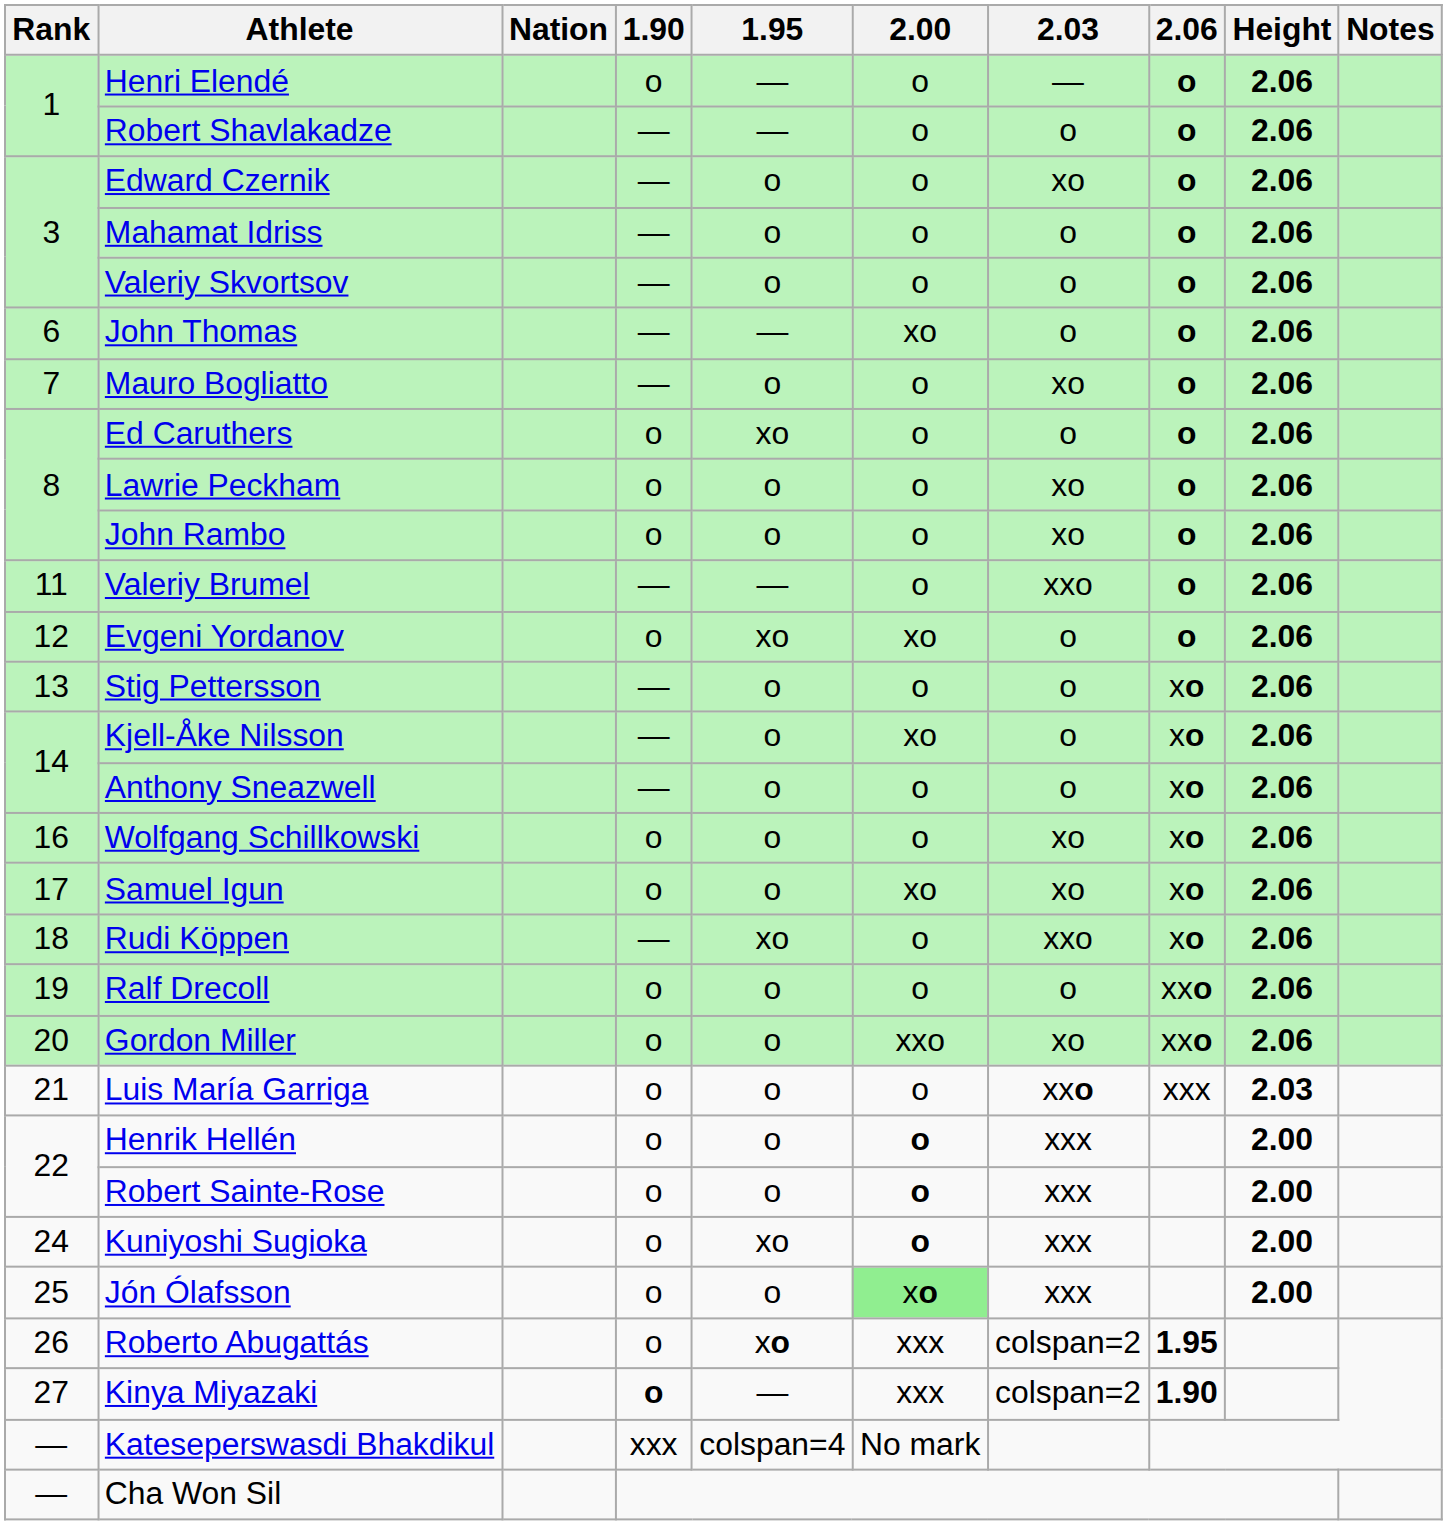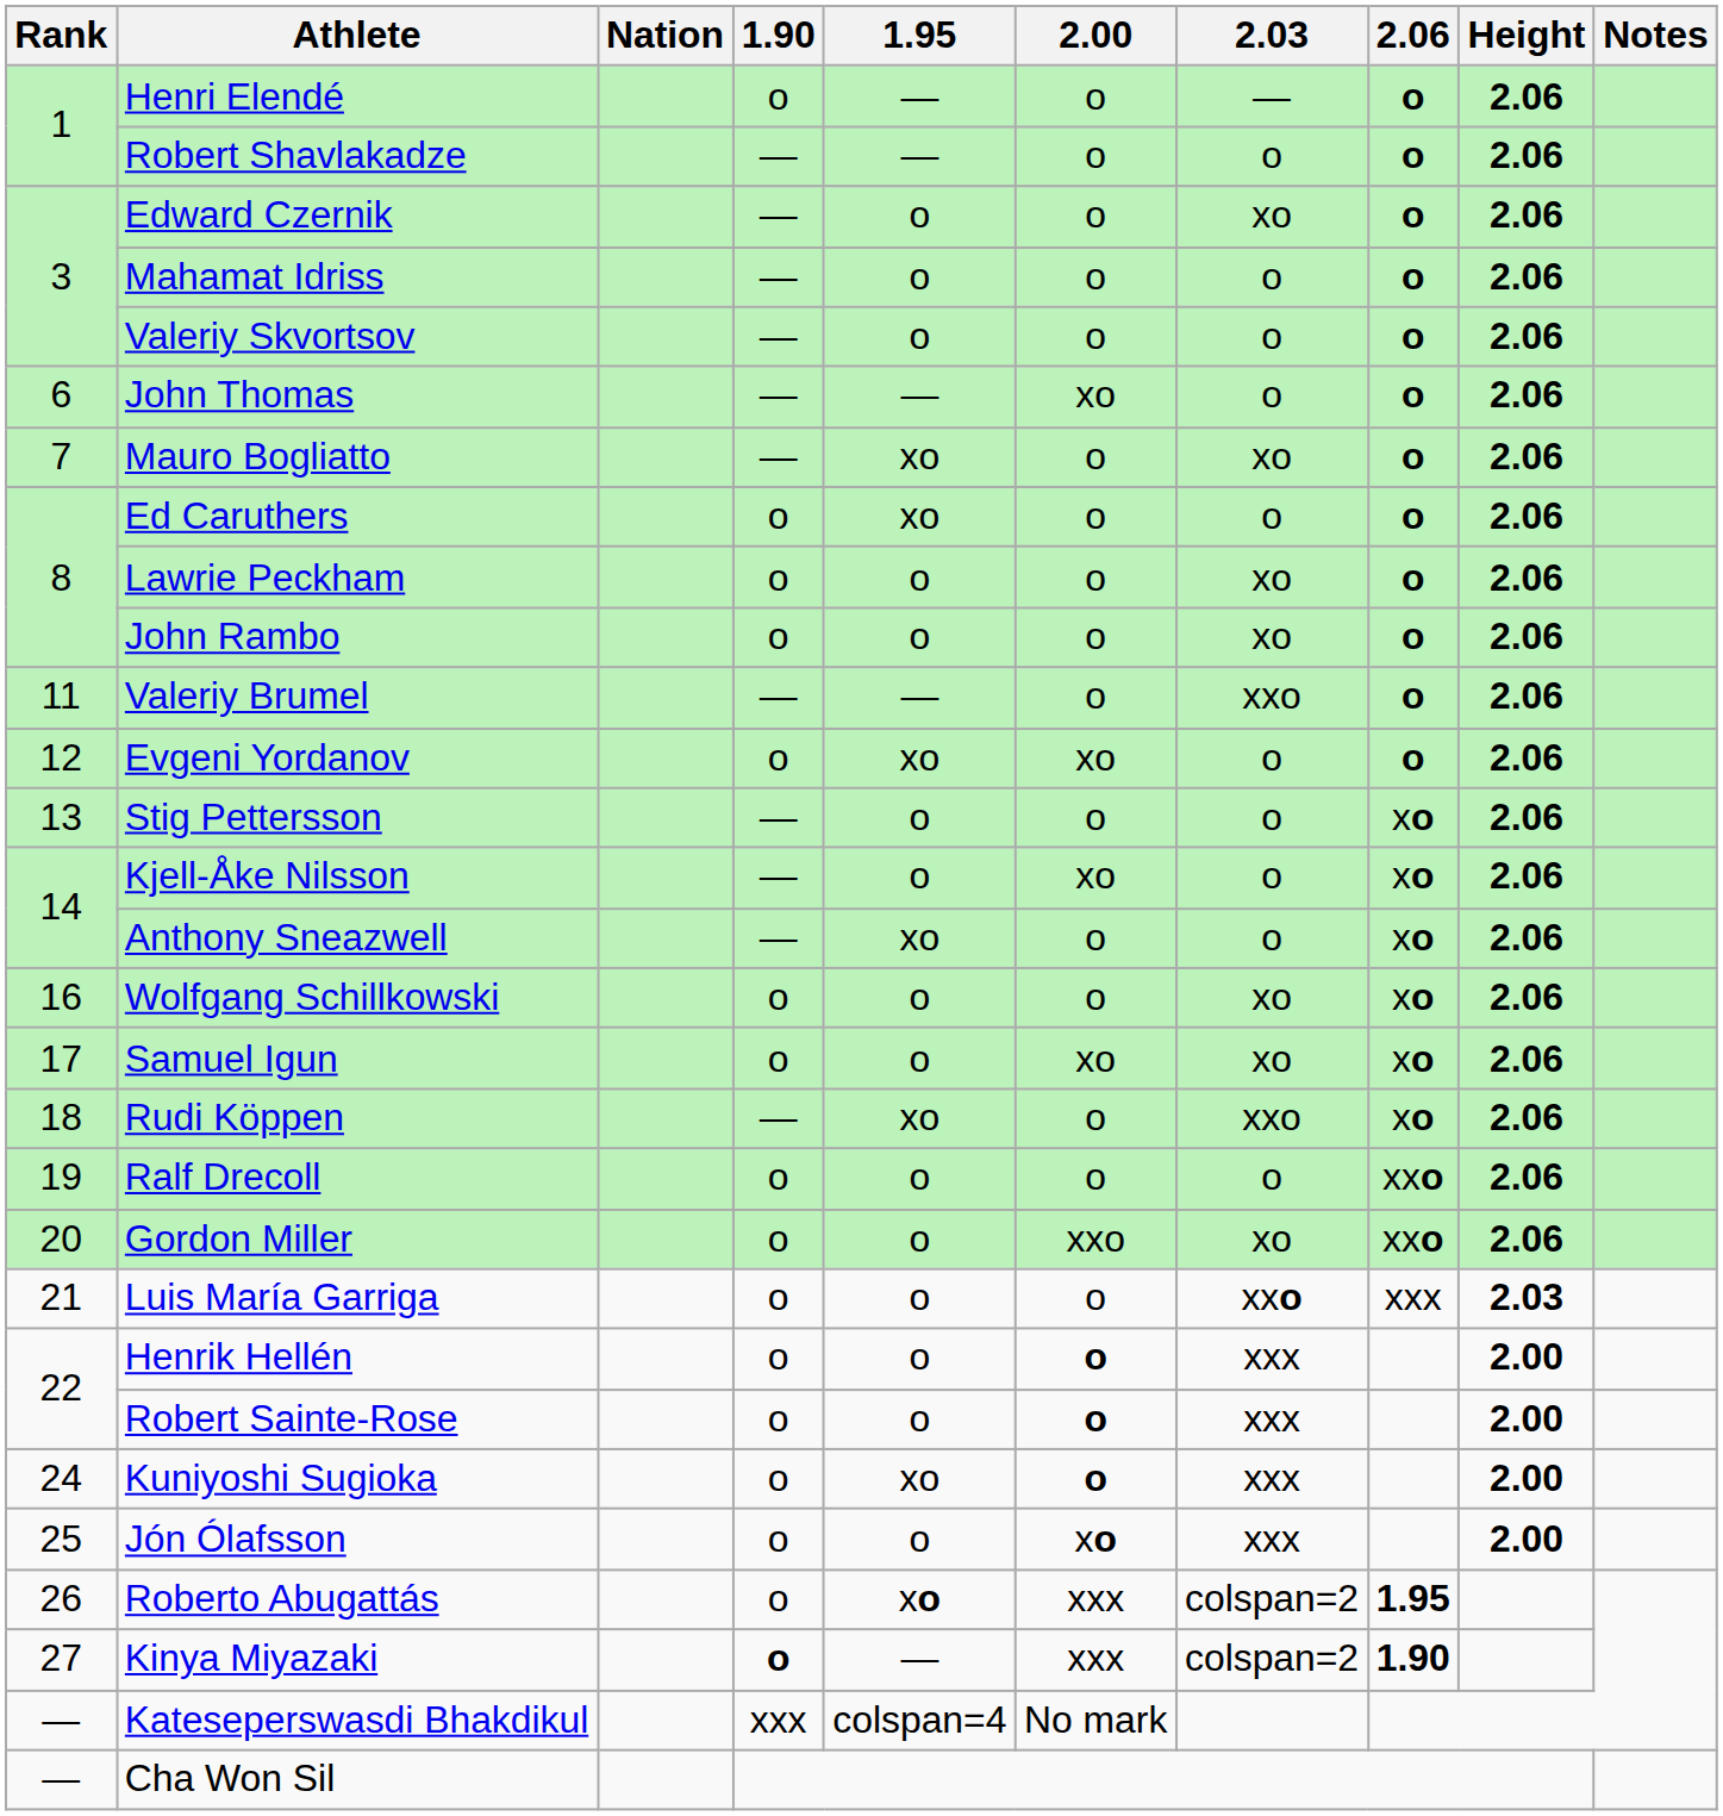 <table class="wikitable sortable" style="text-align:center">
 <tr>
 <th>Rank</th>
 <th>Athlete</th>
 <th>Nation</th>
 <th>1.90</th>
 <th>1.95</th>
 <th>2.00</th>
 <th>2.03</th>
 <th>2.06</th>
 <th>Height</th>
 <th>Notes</th>
 </tr>
 <tr bgcolor=bbf3bb>
 <td rowspan=2>1</td>
 <td align=left><a href='#'>Henri Elendé</a></td>
 <td align=left></td>
 <td>o</td>
 <td>—</td>
 <td>o</td>
 <td>—</td>
 <td><strong>o</strong></td>
 <td><strong>2.06</strong></td>
 <td></td>
 </tr>
 <tr bgcolor=bbf3bb>
 <td align=left><a href='#'>Robert Shavlakadze</a></td>
 <td align=left></td>
 <td>—</td>
 <td>—</td>
 <td>o</td>
 <td>o</td>
 <td><strong>o</strong></td>
 <td><strong>2.06</strong></td>
 <td></td>
 </tr>
 <tr bgcolor=bbf3bb>
 <td rowspan=3>3</td>
 <td align=left><a href='#'>Edward Czernik</a></td>
 <td align=left></td>
 <td>—</td>
 <td>o</td>
 <td>o</td>
 <td>xo</td>
 <td><strong>o</strong></td>
 <td><strong>2.06</strong></td>
 <td></td>
 </tr>
 <tr bgcolor=bbf3bb>
 <td align=left><a href='#'>Mahamat Idriss</a></td>
 <td align=left></td>
 <td>—</td>
 <td>o</td>
 <td>o</td>
 <td>o</td>
 <td><strong>o</strong></td>
 <td><strong>2.06</strong></td>
 <td></td>
 </tr>
 <tr bgcolor=bbf3bb>
 <td align=left><a href='#'>Valeriy Skvortsov</a></td>
 <td align=left></td>
 <td>—</td>
 <td>o</td>
 <td>o</td>
 <td>o</td>
 <td><strong>o</strong></td>
 <td><strong>2.06</strong></td>
 <td></td>
 </tr>
 <tr bgcolor=bbf3bb>
 <td>6</td>
 <td align=left><a href='#'>John Thomas</a></td>
 <td align=left></td>
 <td>—</td>
 <td>—</td>
 <td>xo</td>
 <td>o</td>
 <td><strong>o</strong></td>
 <td><strong>2.06</strong></td>
 <td></td>
 </tr>
 <tr bgcolor=bbf3bb>
 <td>7</td>
 <td align=left><a href='#'>Mauro Bogliatto</a></td>
 <td align=left></td>
 <td>—</td>
-<td>o</td>
+<td>xo</td>
 <td>o</td>
 <td>xo</td>
 <td><strong>o</strong></td>
 <td><strong>2.06</strong></td>
 <td></td>
 </tr>
 <tr bgcolor=bbf3bb>
 <td rowspan=3>8</td>
 <td align=left><a href='#'>Ed Caruthers</a></td>
 <td align=left></td>
 <td>o</td>
 <td>xo</td>
 <td>o</td>
 <td>o</td>
 <td><strong>o</strong></td>
 <td><strong>2.06</strong></td>
 <td></td>
 </tr>
 <tr bgcolor=bbf3bb>
 <td align=left><a href='#'>Lawrie Peckham</a></td>
 <td align=left></td>
 <td>o</td>
 <td>o</td>
 <td>o</td>
 <td>xo</td>
 <td><strong>o</strong></td>
 <td><strong>2.06</strong></td>
 <td></td>
 </tr>
 <tr bgcolor=bbf3bb>
 <td align=left><a href='#'>John Rambo</a></td>
 <td align=left></td>
 <td>o</td>
 <td>o</td>
 <td>o</td>
 <td>xo</td>
 <td><strong>o</strong></td>
 <td><strong>2.06</strong></td>
 <td></td>
 </tr>
 <tr bgcolor=bbf3bb>
 <td>11</td>
 <td align=left><a href='#'>Valeriy Brumel</a></td>
 <td align=left></td>
 <td>—</td>
 <td>—</td>
 <td>o</td>
 <td>xxo</td>
 <td><strong>o</strong></td>
 <td><strong>2.06</strong></td>
 <td></td>
 </tr>
 <tr bgcolor=bbf3bb>
 <td>12</td>
 <td align=left><a href='#'>Evgeni Yordanov</a></td>
 <td align=left></td>
 <td>o</td>
 <td>xo</td>
 <td>xo</td>
 <td>o</td>
 <td><strong>o</strong></td>
 <td><strong>2.06</strong></td>
 <td></td>
 </tr>
 <tr bgcolor=bbf3bb>
 <td>13</td>
 <td align=left><a href='#'>Stig Pettersson</a></td>
 <td align=left></td>
 <td>—</td>
 <td>o</td>
 <td>o</td>
 <td>o</td>
 <td>x<strong>o</strong></td>
 <td><strong>2.06</strong></td>
 <td></td>
 </tr>
 <tr bgcolor=bbf3bb>
 <td rowspan=2>14</td>
 <td align=left><a href='#'>Kjell-Åke Nilsson</a></td>
 <td align=left></td>
 <td>—</td>
 <td>o</td>
 <td>xo</td>
 <td>o</td>
 <td>x<strong>o</strong></td>
 <td><strong>2.06</strong></td>
 <td></td>
 </tr>
 <tr bgcolor=bbf3bb>
 <td align=left><a href='#'>Anthony Sneazwell</a></td>
 <td align=left></td>
 <td>—</td>
-<td>o</td>
+<td>xo</td>
 <td>o</td>
 <td>o</td>
 <td>x<strong>o</strong></td>
 <td><strong>2.06</strong></td>
 <td></td>
 </tr>
 <tr bgcolor=bbf3bb>
 <td>16</td>
 <td align=left><a href='#'>Wolfgang Schillkowski</a></td>
 <td align=left></td>
 <td>o</td>
 <td>o</td>
 <td>o</td>
 <td>xo</td>
 <td>x<strong>o</strong></td>
 <td><strong>2.06</strong></td>
 <td></td>
 </tr>
 <tr bgcolor=bbf3bb>
 <td>17</td>
 <td align=left><a href='#'>Samuel Igun</a></td>
 <td align=left></td>
 <td>o</td>
 <td>o</td>
 <td>xo</td>
 <td>xo</td>
 <td>x<strong>o</strong></td>
 <td><strong>2.06</strong></td>
 <td></td>
 </tr>
 <tr bgcolor=bbf3bb>
 <td>18</td>
 <td align=left><a href='#'>Rudi Köppen</a></td>
 <td align=left></td>
 <td>—</td>
 <td>xo</td>
 <td>o</td>
 <td>xxo</td>
 <td>x<strong>o</strong></td>
 <td><strong>2.06</strong></td>
 <td></td>
 </tr>
 <tr bgcolor=bbf3bb>
 <td>19</td>
 <td align=left><a href='#'>Ralf Drecoll</a></td>
 <td align=left></td>
 <td>o</td>
 <td>o</td>
 <td>o</td>
 <td>o</td>
 <td>xx<strong>o</strong></td>
 <td><strong>2.06</strong></td>
 <td></td>
 </tr>
 <tr bgcolor=bbf3bb>
 <td>20</td>
 <td align=left><a href='#'>Gordon Miller</a></td>
 <td align=left></td>
 <td>o</td>
 <td>o</td>
 <td>xxo</td>
 <td>xo</td>
 <td>xx<strong>o</strong></td>
 <td><strong>2.06</strong></td>
 <td></td>
 </tr>
 <tr>
 <td>21</td>
 <td align=left><a href='#'>Luis María Garriga</a></td>
 <td align=left></td>
 <td>o</td>
 <td>o</td>
 <td>o</td>
 <td>xx<strong>o</strong></td>
 <td>xxx</td>
 <td><strong>2.03</strong></td>
 <td></td>
 </tr>
 <tr>
 <td rowspan=2>22</td>
 <td align=left><a href='#'>Henrik Hellén</a></td>
 <td align=left></td>
 <td>o</td>
 <td>o</td>
 <td><strong>o</strong></td>
 <td>xxx</td>
 <td></td>
 <td><strong>2.00</strong></td>
 <td></td>
 </tr>
 <tr>
 <td align=left><a href='#'>Robert Sainte-Rose</a></td>
 <td align=left></td>
 <td>o</td>
 <td>o</td>
 <td><strong>o</strong></td>
 <td>xxx</td>
 <td></td>
 <td><strong>2.00</strong></td>
 <td></td>
 </tr>
 <tr>
 <td>24</td>
 <td align=left><a href='#'>Kuniyoshi Sugioka</a></td>
 <td align=left></td>
 <td>o</td>
 <td>xo</td>
 <td><strong>o</strong></td>
 <td>xxx</td>
 <td></td>
 <td><strong>2.00</strong></td>
 <td></td>
 </tr>
 <tr>
 <td>25</td>
 <td align=left><a href='#'>Jón Ólafsson</a></td>
 <td align=left></td>
 <td>o</td>
 <td>o</td>
-<td style="background: lightgreen;">x<strong>o</strong></td>
+<td>x<strong>o</strong></td>
 <td>xxx</td>
 <td></td>
 <td><strong>2.00</strong></td>
 <td></td>
 </tr>
 <tr>
 <td>26</td>
 <td align=left><a href='#'>Roberto Abugattás</a></td>
 <td align=left></td>
 <td>o</td>
 <td>x<strong>o</strong></td>
 <td>xxx</td>
 <td>colspan=2 </td>
 <td><strong>1.95</strong></td>
 <td></td>
 </tr>
 <tr>
 <td>27</td>
 <td align=left><a href='#'>Kinya Miyazaki</a></td>
 <td align=left></td>
 <td><strong>o</strong></td>
 <td>—</td>
 <td>xxx</td>
 <td>colspan=2 </td>
 <td><strong>1.90</strong></td>
 <td></td>
 </tr>
 <tr>
 <td data-sort-value=28>—</td>
 <td align=left><a href='#'>Kateseperswasdi Bhakdikul</a></td>
 <td align=left></td>
 <td>xxx</td>
 <td>colspan=4 </td>
 <td>No mark</td>
 <td></td>
 </tr>
 <tr>
 <td data-sort-value=29>—</td>
 <td align=left>Cha Won Sil</td>
 <td align=left></td>
 <td colspan=6></td>
 <td></td>
 </tr>
 </table>
